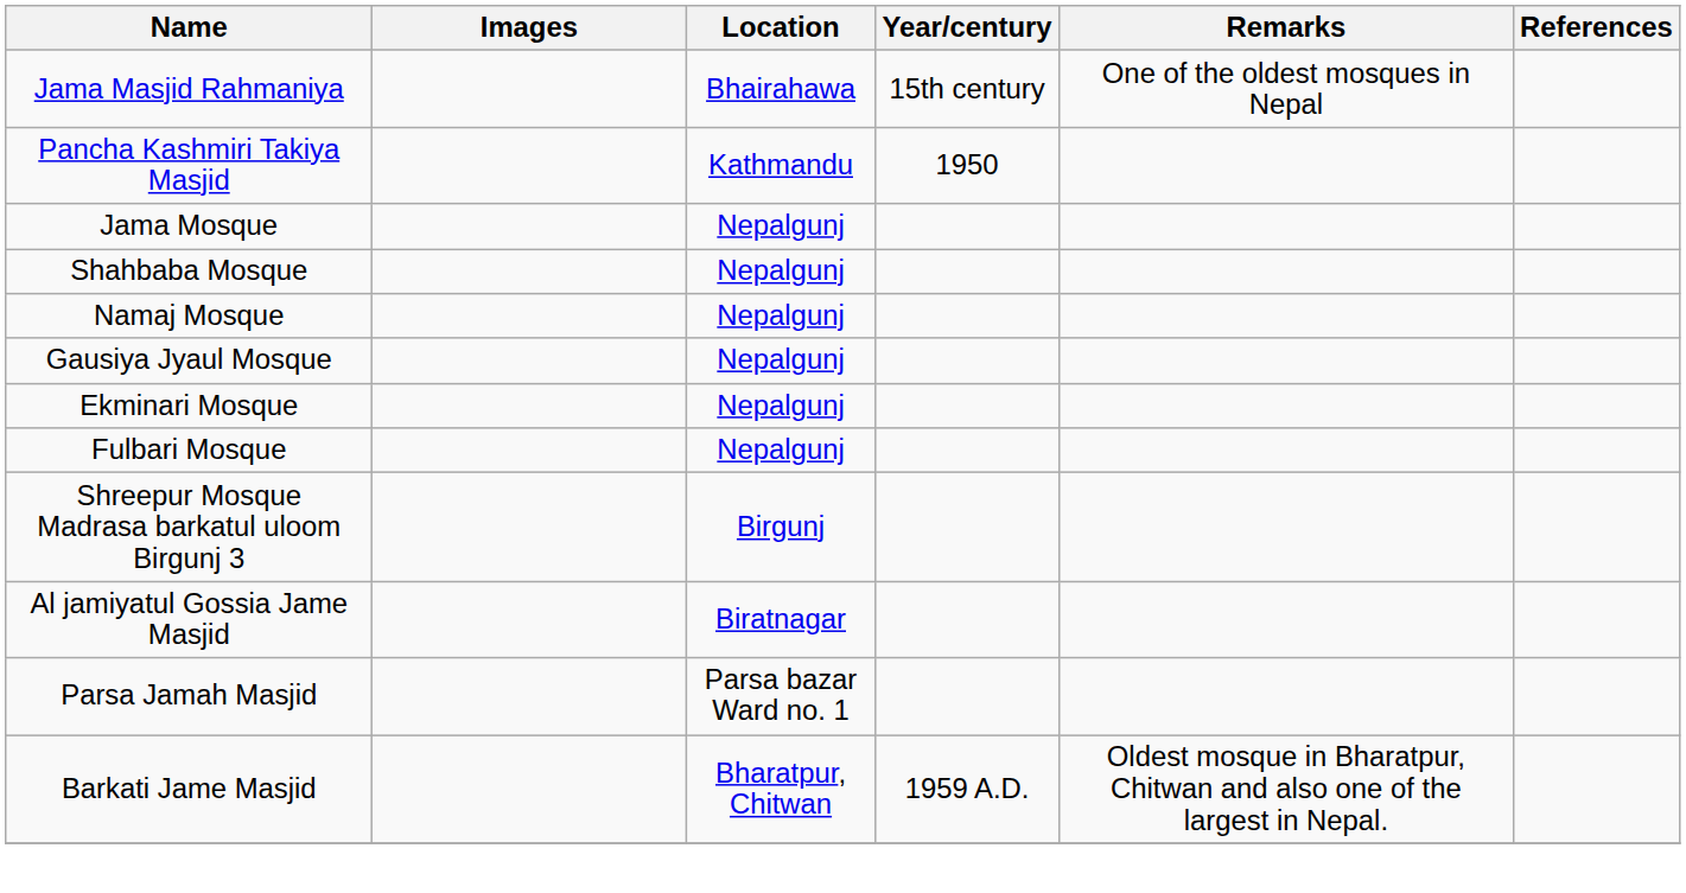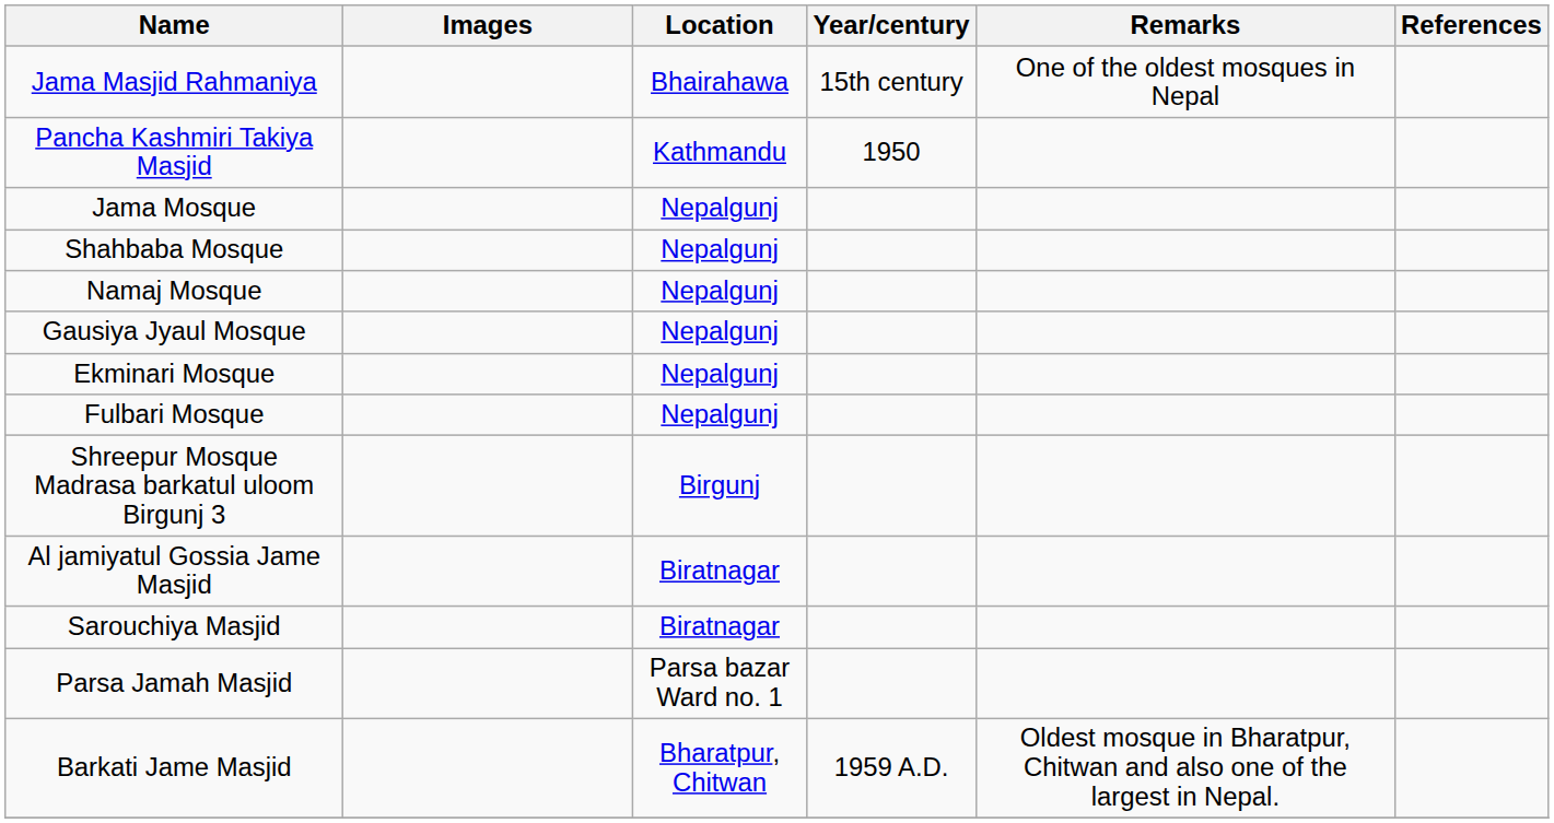 <table class=wikitable style="text-align:center">
 <tr>
 <th align=left width=200px>Name</th>
 <th align=center width=170px class=unsortable>Images</th>
 <th align=left width=100px>Location</th>
 <th align=left width=050px>Year/century</th>
 <th align=left width=250px class=unsortable>Remarks</th>
 <th align=left width=050px>References</th>
 </tr>
 <tr>
 <td><a href='#'>Jama Masjid Rahmaniya</a></td>
 <td></td>
 <td><a href='#'>Bhairahawa</a></td>
 <td>15th century</td>
 <td>One of the oldest mosques in Nepal</td>
 <td></td>
 </tr>
 <tr>
 <td><a href='#'>Pancha Kashmiri Takiya Masjid</a></td>
 <td></td>
 <td><a href='#'>Kathmandu</a></td>
 <td>1950</td>
 <td></td>
 <td></td>
 </tr>
 <tr>
 <td>Jama Mosque</td>
 <td></td>
 <td><a href='#'>Nepalgunj</a></td>
 <td></td>
 <td></td>
 <td></td>
 </tr>
 <tr>
 <td>Shahbaba Mosque</td>
 <td></td>
 <td><a href='#'>Nepalgunj</a></td>
 <td></td>
 <td></td>
 <td></td>
 </tr>
 <tr>
 <td>Namaj Mosque</td>
 <td></td>
 <td><a href='#'>Nepalgunj</a></td>
 <td></td>
 <td></td>
 <td></td>
 </tr>
 <tr>
 <td>Gausiya Jyaul Mosque</td>
 <td></td>
 <td><a href='#'>Nepalgunj</a></td>
 <td></td>
 <td></td>
 <td></td>
 </tr>
 <tr>
 <td>Ekminari Mosque</td>
 <td></td>
 <td><a href='#'>Nepalgunj</a></td>
 <td></td>
 <td></td>
 <td></td>
 </tr>
 <tr>
 <td>Fulbari Mosque</td>
 <td></td>
 <td><a href='#'>Nepalgunj</a></td>
 <td></td>
 <td></td>
 <td></td>
 </tr>
 <tr>
 <td>Shreepur Mosque<br>Madrasa barkatul uloom Birgunj 3</td>
 <td></td>
 <td><a href='#'>Birgunj</a></td>
 <td></td>
 <td></td>
 <td></td>
 </tr>
 <tr>
 <td>Al jamiyatul Gossia Jame Masjid</td>
 <td></td>
 <td><a href='#'>Biratnagar</a></td>
 <td></td>
 <td></td>
 <td></td>
 </tr>
 <tr>
+<td>Sarouchiya Masjid</td>
+<td></td>
+<td><a href='#'>Biratnagar</a></td>
+<td></td>
+<td></td>
+<td></td>
+</tr>
+<tr>
 <td>Parsa Jamah Masjid</td>
 <td></td>
 <td>Parsa bazar Ward no. 1</td>
 <td></td>
 <td></td>
 <td></td>
 </tr>
 <tr>
 <td>Barkati Jame Masjid</td>
 <td></td>
 <td><a href='#'>Bharatpur</a>, <a href='#'>Chitwan</a></td>
 <td>1959 A.D.</td>
 <td>Oldest mosque in Bharatpur, Chitwan and also one of the largest in Nepal.</td>
 <td></td>
 </tr>
 <tr>
 </tr>
 </table>
